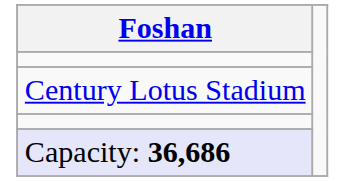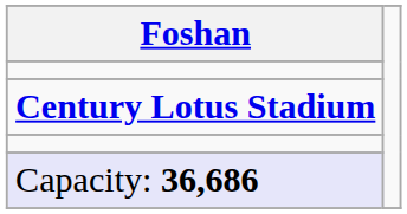 <table class="wikitable" style="margin-left: auto; margin-right: auto; border: none;">
 <tr>
 <th><a href='#'>Foshan</a></th>
 <td rowspan="5"><br></td>
 </tr>
 <tr>
 <td align="center"></td>
 </tr>
 <tr>
-<td><a href='#'>Century Lotus Stadium</a></td>
+<td><strong><a href='#'>Century Lotus Stadium</a></strong></td>
 </tr>
 <tr>
 <td><small></small></td>
 </tr>
 <tr>
 <td style="background: lavender;">Capacity: <strong>36,686</strong></td>
 </tr>
 </table>
